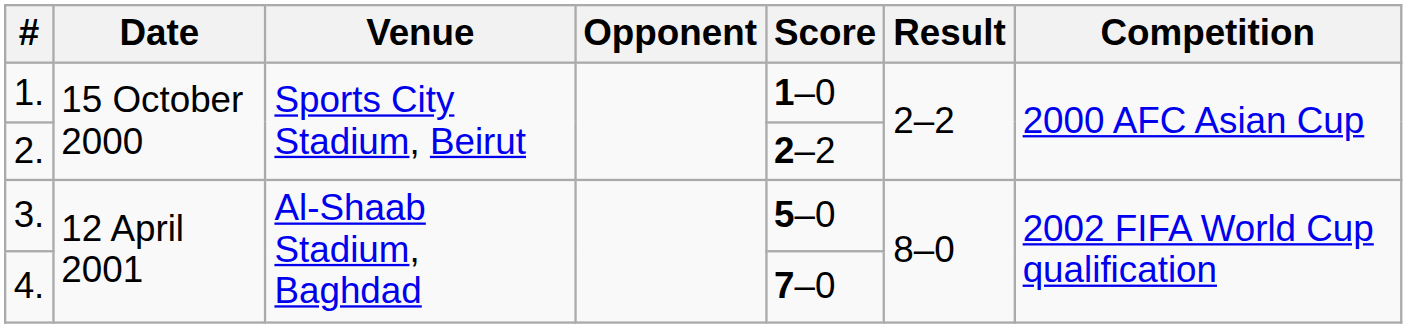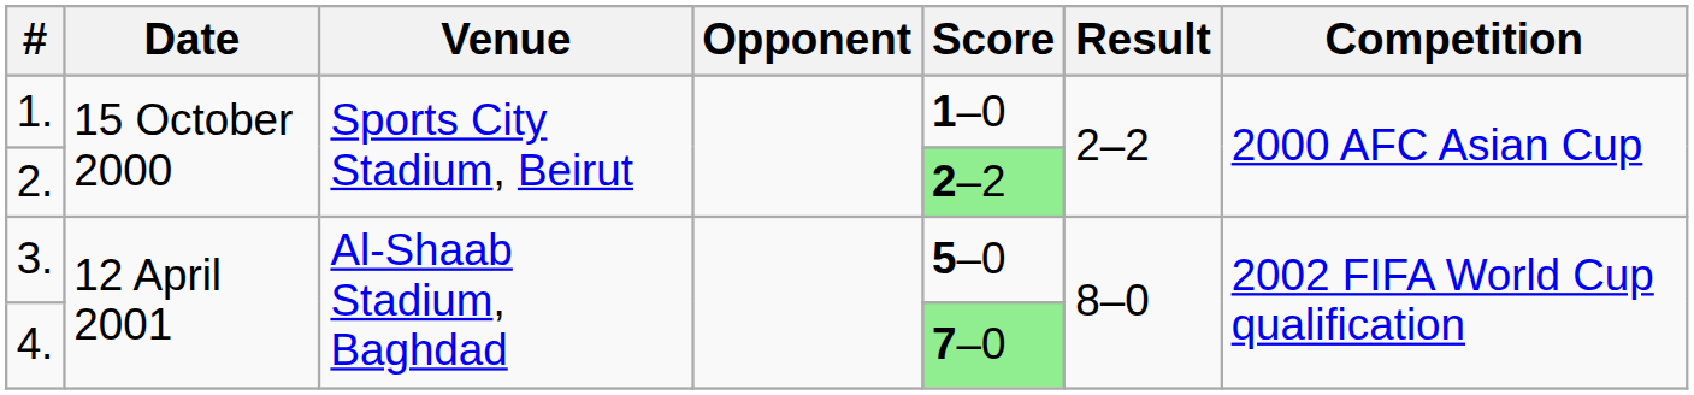 <table class="wikitable">
 <tr>
 <th>#</th>
 <th>Date</th>
 <th>Venue</th>
 <th>Opponent</th>
 <th>Score</th>
 <th>Result</th>
 <th>Competition</th>
 </tr>
 <tr>
 <td>1.</td>
 <td rowspan="2">15 October 2000</td>
 <td rowspan="2"><a href='#'>Sports City Stadium</a>, <a href='#'>Beirut</a></td>
 <td rowspan="2"></td>
 <td><strong>1</strong>–0</td>
 <td rowspan="2">2–2</td>
 <td rowspan="2"><a href='#'>2000 AFC Asian Cup</a></td>
 </tr>
 <tr>
 <td>2.</td>
-<td><strong>2</strong>–2</td>
+<td style="background: lightgreen;"><strong>2</strong>–2</td>
 </tr>
 <tr>
 <td>3.</td>
 <td rowspan="2">12 April 2001</td>
 <td rowspan="2"><a href='#'>Al-Shaab Stadium</a>, <a href='#'>Baghdad</a></td>
 <td rowspan="2"></td>
 <td><strong>5</strong>–0</td>
 <td rowspan="2">8–0</td>
 <td rowspan="2"><a href='#'>2002 FIFA World Cup qualification</a></td>
 </tr>
 <tr>
 <td>4.</td>
-<td><strong>7</strong>–0</td>
+<td style="background: lightgreen;"><strong>7</strong>–0</td>
 </tr>
 </table>
